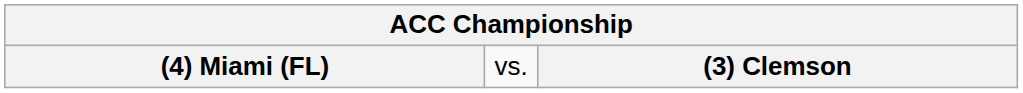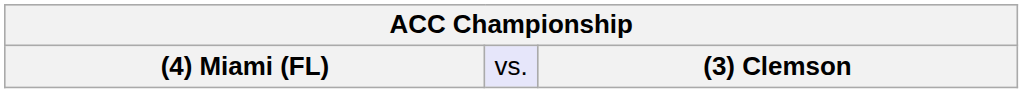 <table class="wikitable">
 <tr>
 <th style="width: 604px;" colspan=3>ACC Championship</th>
 </tr>
 <tr>
 <th style="width: 289px; ">(4) Miami (FL)</th>
-<td style="width: 25px; text-align:center">vs.</td>
+<td style="background: lavender; width: 25px; text-align:center">vs.</td>
 <th style="width: 289px; ">(3) Clemson</th>
 </tr>
 </table>
